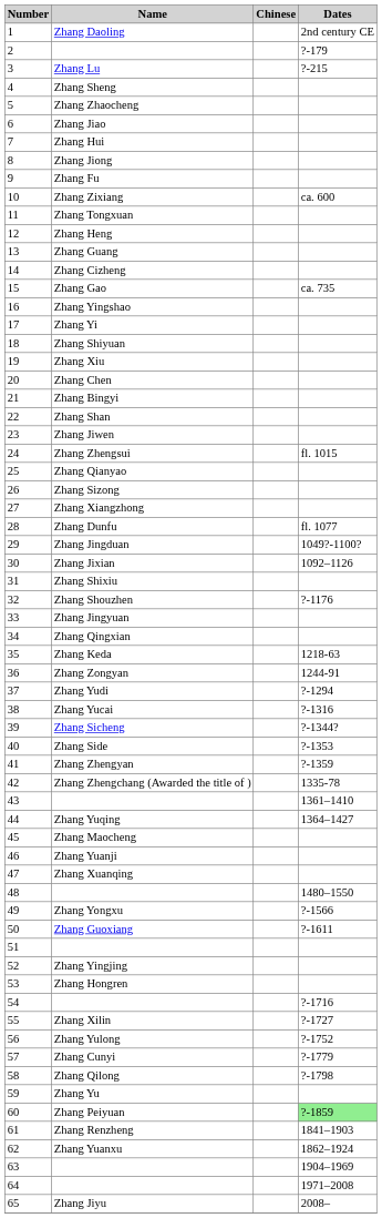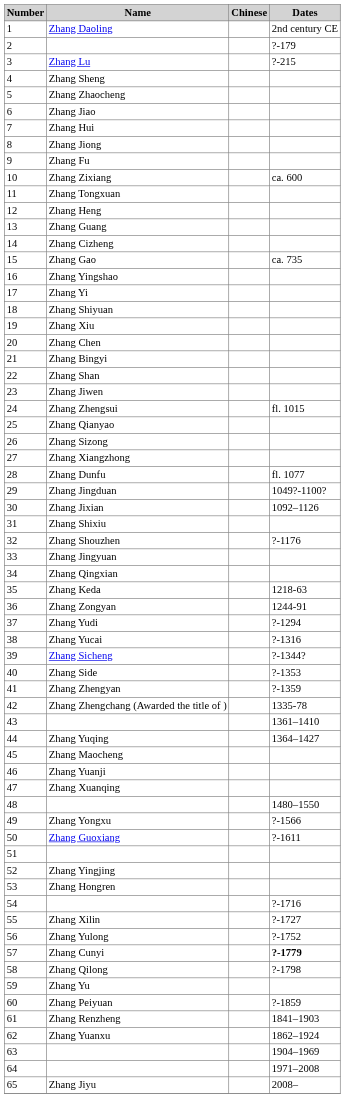 <table class="toccolours" border="1" cellpadding="3" style="border-collapse:collapse">
 <tr bgcolor=lightgrey>
 <th>Number</th>
 <th>Name</th>
 <th>Chinese</th>
 <th>Dates</th>
 </tr>
 <tr>
 <td>1</td>
 <td align=left><a href='#'>Zhang Daoling</a></td>
 <td align=left></td>
 <td>2nd century CE</td>
 </tr>
 <tr>
 <td>2</td>
 <td align=left></td>
 <td align=left></td>
 <td>?-179</td>
 </tr>
 <tr>
 <td>3</td>
 <td align=left><a href='#'>Zhang Lu</a></td>
 <td align=left></td>
 <td>?-215</td>
 </tr>
 <tr>
 <td>4</td>
 <td align=left>Zhang Sheng</td>
 <td align=left></td>
 <td></td>
 </tr>
 <tr>
 <td>5</td>
 <td align=left>Zhang Zhaocheng</td>
 <td align=left></td>
 <td></td>
 </tr>
 <tr>
 <td>6</td>
 <td align=left>Zhang Jiao</td>
 <td align=left></td>
 <td></td>
 </tr>
 <tr>
 <td>7</td>
 <td align=left>Zhang Hui</td>
 <td align=left></td>
 <td></td>
 </tr>
 <tr>
 <td>8</td>
 <td align=left>Zhang Jiong</td>
 <td align=left></td>
 <td></td>
 </tr>
 <tr>
 <td>9</td>
 <td align=left>Zhang Fu</td>
 <td align=left></td>
 <td></td>
 </tr>
 <tr>
 <td>10</td>
 <td align=left>Zhang Zixiang</td>
 <td align=left></td>
 <td>ca. 600</td>
 </tr>
 <tr>
 <td>11</td>
 <td align=left>Zhang Tongxuan</td>
 <td align=left></td>
 <td></td>
 </tr>
 <tr>
 <td>12</td>
 <td align=left>Zhang Heng</td>
 <td align=left></td>
 <td></td>
 </tr>
 <tr>
 <td>13</td>
 <td align=left>Zhang Guang</td>
 <td align=left></td>
 <td></td>
 </tr>
 <tr>
 <td>14</td>
 <td align=left>Zhang Cizheng</td>
 <td align=left></td>
 <td></td>
 </tr>
 <tr>
 <td>15</td>
 <td align=left>Zhang Gao</td>
 <td align=left></td>
 <td>ca. 735</td>
 </tr>
 <tr>
 <td>16</td>
 <td align=left>Zhang Yingshao</td>
 <td align=left></td>
 <td></td>
 </tr>
 <tr>
 <td>17</td>
 <td align=left>Zhang Yi</td>
 <td align=left></td>
 <td></td>
 </tr>
 <tr>
 <td>18</td>
 <td align=left>Zhang Shiyuan</td>
 <td align=left></td>
 <td></td>
 </tr>
 <tr>
 <td>19</td>
 <td align=left>Zhang Xiu</td>
 <td align=left></td>
 <td></td>
 </tr>
 <tr>
 <td>20</td>
 <td align=left>Zhang Chen</td>
 <td align=left></td>
 <td></td>
 </tr>
 <tr>
 <td>21</td>
 <td align=left>Zhang Bingyi</td>
 <td align=left></td>
 <td></td>
 </tr>
 <tr>
 <td>22</td>
 <td align=left>Zhang Shan</td>
 <td align=left></td>
 <td></td>
 </tr>
 <tr>
 <td>23</td>
 <td align=left>Zhang Jiwen</td>
 <td align=left></td>
 <td></td>
 </tr>
 <tr>
 <td>24</td>
 <td align=left>Zhang Zhengsui</td>
 <td align=left></td>
 <td>fl. 1015</td>
 </tr>
 <tr>
 <td>25</td>
 <td align=left>Zhang Qianyao</td>
 <td align=left></td>
 <td></td>
 </tr>
 <tr>
 <td>26</td>
 <td align=left>Zhang Sizong</td>
 <td align=left></td>
 <td></td>
 </tr>
 <tr>
 <td>27</td>
 <td align=left>Zhang Xiangzhong</td>
 <td align=left></td>
 <td></td>
 </tr>
 <tr>
 <td>28</td>
 <td align=left>Zhang Dunfu</td>
 <td align=left></td>
 <td>fl. 1077</td>
 </tr>
 <tr>
 <td>29</td>
 <td align=left>Zhang Jingduan</td>
 <td align=left></td>
 <td>1049?-1100?</td>
 </tr>
 <tr>
 <td>30</td>
 <td align=left>Zhang Jixian</td>
 <td align=left></td>
 <td>1092–1126</td>
 </tr>
 <tr>
 <td>31</td>
 <td align=left>Zhang Shixiu</td>
 <td align=left></td>
 <td></td>
 </tr>
 <tr>
 <td>32</td>
 <td align=left>Zhang Shouzhen</td>
 <td align=left></td>
 <td>?-1176</td>
 </tr>
 <tr>
 <td>33</td>
 <td align=left>Zhang Jingyuan</td>
 <td align=left></td>
 <td></td>
 </tr>
 <tr>
 <td>34</td>
 <td align=left>Zhang Qingxian</td>
 <td align=left></td>
 <td></td>
 </tr>
 <tr>
 <td>35</td>
 <td align=left>Zhang Keda</td>
 <td align=left></td>
 <td>1218-63</td>
 </tr>
 <tr>
 <td>36</td>
 <td align=left>Zhang Zongyan</td>
 <td align=left></td>
 <td>1244-91</td>
 </tr>
 <tr>
 <td>37</td>
 <td align=left>Zhang Yudi</td>
 <td align=left></td>
 <td>?-1294</td>
 </tr>
 <tr>
 <td>38</td>
 <td align=left>Zhang Yucai</td>
 <td align=left></td>
 <td>?-1316</td>
 </tr>
 <tr>
 <td>39</td>
 <td align=left><a href='#'>Zhang Sicheng</a></td>
 <td align=left></td>
 <td>?-1344?</td>
 </tr>
 <tr>
 <td>40</td>
 <td align=left>Zhang Side</td>
 <td align=left></td>
 <td>?-1353</td>
 </tr>
 <tr>
 <td>41</td>
 <td align=left>Zhang Zhengyan</td>
 <td align=left></td>
 <td>?-1359</td>
 </tr>
 <tr>
 <td>42</td>
 <td align=left>Zhang Zhengchang (Awarded the title of )</td>
 <td align=left></td>
 <td>1335-78</td>
 </tr>
 <tr>
 <td>43</td>
 <td align=left></td>
 <td align=left></td>
 <td>1361–1410</td>
 </tr>
 <tr>
 <td>44</td>
 <td align=left>Zhang Yuqing</td>
 <td align=left></td>
 <td>1364–1427</td>
 </tr>
 <tr>
 <td>45</td>
 <td align=left>Zhang Maocheng</td>
 <td align=left></td>
 <td></td>
 </tr>
 <tr>
 <td>46</td>
 <td align=left>Zhang Yuanji</td>
 <td align=left></td>
 <td></td>
 </tr>
 <tr>
 <td>47</td>
 <td align=left>Zhang Xuanqing</td>
 <td align=left></td>
 <td></td>
 </tr>
 <tr>
 <td>48</td>
 <td align=left></td>
 <td align=left></td>
 <td>1480–1550</td>
 </tr>
 <tr>
 <td>49</td>
 <td align=left>Zhang Yongxu</td>
 <td align=left></td>
 <td>?-1566</td>
 </tr>
 <tr>
 <td>50</td>
 <td align=left><a href='#'>Zhang Guoxiang</a></td>
 <td align=left></td>
 <td>?-1611</td>
 </tr>
 <tr>
 <td>51</td>
 <td align=left></td>
 <td align=left></td>
 <td></td>
 </tr>
 <tr>
 <td>52</td>
 <td align=left>Zhang Yingjing</td>
 <td align=left></td>
 <td></td>
 </tr>
 <tr>
 <td>53</td>
 <td align=left>Zhang Hongren</td>
 <td align=left></td>
 <td></td>
 </tr>
 <tr>
 <td>54</td>
 <td align=left></td>
 <td align=left></td>
 <td>?-1716</td>
 </tr>
 <tr>
 <td>55</td>
 <td align=left>Zhang Xilin</td>
 <td align=left></td>
 <td>?-1727</td>
 </tr>
 <tr>
 <td>56</td>
 <td align=left>Zhang Yulong</td>
 <td align=left></td>
 <td>?-1752</td>
 </tr>
 <tr>
 <td>57</td>
 <td align=left>Zhang Cunyi</td>
 <td align=left></td>
-<td>?-1779</td>
+<td><strong>?-1779</strong></td>
 </tr>
 <tr>
 <td>58</td>
 <td align=left>Zhang Qilong</td>
 <td align=left></td>
 <td>?-1798</td>
 </tr>
 <tr>
 <td>59</td>
 <td align=left>Zhang Yu</td>
 <td align=left></td>
 <td></td>
 </tr>
 <tr>
 <td>60</td>
 <td align=left>Zhang Peiyuan</td>
 <td align=left></td>
-<td style="background: lightgreen;">?-1859</td>
+<td>?-1859</td>
 </tr>
 <tr>
 <td>61</td>
 <td align=left>Zhang Renzheng</td>
 <td align=left></td>
 <td>1841–1903</td>
 </tr>
 <tr>
 <td>62</td>
 <td align=left>Zhang Yuanxu</td>
 <td align=left></td>
 <td>1862–1924</td>
 </tr>
 <tr>
 <td>63</td>
 <td align=left></td>
 <td align=left></td>
 <td>1904–1969</td>
 </tr>
 <tr>
 <td>64</td>
 <td align=left></td>
 <td align=left></td>
 <td>1971–2008</td>
 </tr>
 <tr>
 <td>65</td>
 <td align=left>Zhang Jiyu</td>
 <td align=left></td>
 <td>2008–</td>
 </tr>
 <tr>
 </tr>
 </table>
